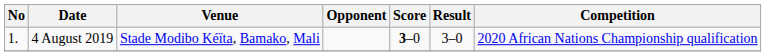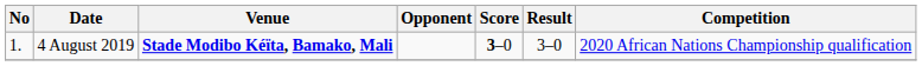 <table class="wikitable" style="font-size:85%;">
 <tr>
 <th>No</th>
 <th>Date</th>
 <th>Venue</th>
 <th>Opponent</th>
 <th>Score</th>
 <th>Result</th>
 <th>Competition</th>
 </tr>
 <tr>
 <td>1.</td>
 <td>4 August 2019</td>
-<td><a href='#'>Stade Modibo Kéïta</a>, <a href='#'>Bamako</a>, <a href='#'>Mali</a></td>
+<td><strong><a href='#'>Stade Modibo Kéïta</a>, <a href='#'>Bamako</a>, <a href='#'>Mali</a></strong></td>
 <td></td>
 <td align=center><strong>3</strong>–0</td>
 <td align=center>3–0</td>
 <td><a href='#'>2020 African Nations Championship qualification</a></td>
 </tr>
 <tr>
 </tr>
 </table>
